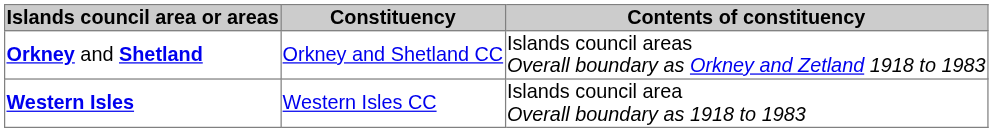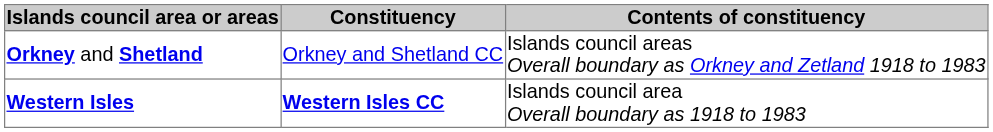 <table border=1 style="border-collapse: collapse;">
 <tr bgcolor=cccccc>
 <th>Islands council area or areas</th>
 <th>Constituency</th>
 <th>Contents of constituency</th>
 </tr>
 <tr>
 <td><strong><a href='#'>Orkney</a></strong> and <strong><a href='#'>Shetland</a></strong></td>
 <td><a href='#'>Orkney and Shetland CC</a></td>
 <td>Islands council areas<br> <em>Overall boundary as <a href='#'>Orkney and Zetland</a> 1918 to 1983</em></td>
 </tr>
 <tr>
 <td><strong><a href='#'>Western Isles</a></strong></td>
-<td><a href='#'>Western Isles CC</a></td>
+<td><strong><a href='#'>Western Isles CC</a></strong></td>
 <td>Islands council area<br> <em>Overall boundary as 1918 to 1983</em></td>
 </tr>
 </table>
